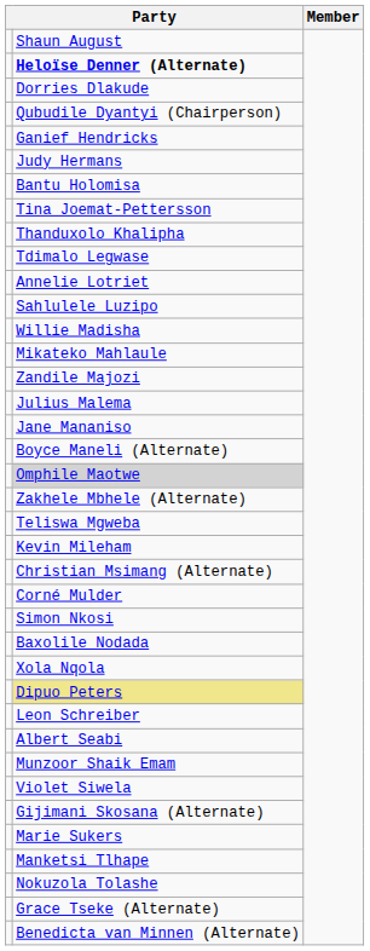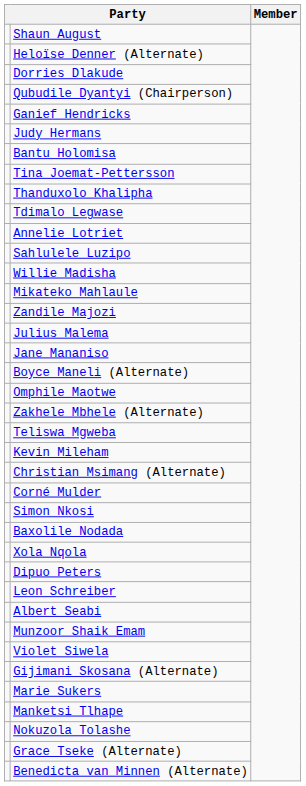 <table class="wikitable" border="1">
 <tr>
 <th colspan="2" scope="col">Party</th>
 <th scope="col">Member</th>
 </tr>
 <tr>
 <td></td>
 <td><a href='#'>Shaun August</a></td>
 </tr>
 <tr>
 <td></td>
-<td><strong><a href='#'>Heloïse Denner</a> (Alternate)</strong></td>
+<td><a href='#'>Heloïse Denner</a> (Alternate)</td>
 </tr>
 <tr>
 <td></td>
 <td><a href='#'>Dorries Dlakude</a></td>
 </tr>
 <tr>
 <td></td>
 <td><a href='#'>Qubudile Dyantyi</a> (Chairperson)</td>
 </tr>
 <tr>
 <td></td>
 <td><a href='#'>Ganief Hendricks</a></td>
 </tr>
 <tr>
 <td></td>
 <td><a href='#'>Judy Hermans</a></td>
 </tr>
 <tr>
 <td></td>
 <td><a href='#'>Bantu Holomisa</a></td>
 </tr>
 <tr>
 <td></td>
 <td><a href='#'>Tina Joemat-Pettersson</a></td>
 </tr>
 <tr>
 <td></td>
 <td><a href='#'>Thanduxolo Khalipha</a></td>
 </tr>
 <tr>
 <td></td>
 <td><a href='#'>Tdimalo Legwase</a></td>
 </tr>
 <tr>
 <td></td>
 <td><a href='#'>Annelie Lotriet</a></td>
 </tr>
 <tr>
 <td></td>
 <td><a href='#'>Sahlulele Luzipo</a></td>
 </tr>
 <tr>
 <td></td>
 <td><a href='#'>Willie Madisha</a></td>
 </tr>
 <tr>
 <td></td>
 <td><a href='#'>Mikateko Mahlaule</a></td>
 </tr>
 <tr>
 <td></td>
 <td><a href='#'>Zandile Majozi</a></td>
 </tr>
 <tr>
 <td></td>
 <td><a href='#'>Julius Malema</a></td>
 </tr>
 <tr>
 <td></td>
 <td><a href='#'>Jane Mananiso</a></td>
 </tr>
 <tr>
 <td></td>
 <td><a href='#'>Boyce Maneli</a> (Alternate)</td>
 </tr>
 <tr>
 <td></td>
-<td style="background: lightgrey;"><a href='#'>Omphile Maotwe</a></td>
+<td><a href='#'>Omphile Maotwe</a></td>
 </tr>
 <tr>
 <td></td>
 <td><a href='#'>Zakhele Mbhele</a> (Alternate)</td>
 </tr>
 <tr>
 <td></td>
 <td><a href='#'>Teliswa Mgweba</a></td>
 </tr>
 <tr>
 <td></td>
 <td><a href='#'>Kevin Mileham</a></td>
 </tr>
 <tr>
 <td></td>
 <td><a href='#'>Christian Msimang</a> (Alternate)</td>
 </tr>
 <tr>
 <td></td>
 <td><a href='#'>Corné Mulder</a></td>
 </tr>
 <tr>
 <td></td>
 <td><a href='#'>Simon Nkosi</a></td>
 </tr>
 <tr>
 <td></td>
 <td><a href='#'>Baxolile Nodada</a></td>
 </tr>
 <tr>
 <td></td>
 <td><a href='#'>Xola Nqola</a></td>
 </tr>
 <tr>
 <td></td>
-<td style="background: khaki;"><a href='#'>Dipuo Peters</a></td>
+<td><a href='#'>Dipuo Peters</a></td>
 </tr>
 <tr>
 <td></td>
 <td><a href='#'>Leon Schreiber</a></td>
 </tr>
 <tr>
 <td></td>
 <td><a href='#'>Albert Seabi</a></td>
 </tr>
 <tr>
 <td></td>
 <td><a href='#'>Munzoor Shaik Emam</a></td>
 </tr>
 <tr>
 <td></td>
 <td><a href='#'>Violet Siwela</a></td>
 </tr>
 <tr>
 <td></td>
 <td><a href='#'>Gijimani Skosana</a> (Alternate)</td>
 </tr>
 <tr>
 <td></td>
 <td><a href='#'>Marie Sukers</a></td>
 </tr>
 <tr>
 <td></td>
 <td><a href='#'>Manketsi Tlhape</a></td>
 </tr>
 <tr>
 <td></td>
 <td><a href='#'>Nokuzola Tolashe</a></td>
 </tr>
 <tr>
 <td></td>
 <td><a href='#'>Grace Tseke</a> (Alternate)</td>
 </tr>
 <tr>
 <td></td>
 <td><a href='#'>Benedicta van Minnen</a> (Alternate)</td>
 </tr>
 </table>
